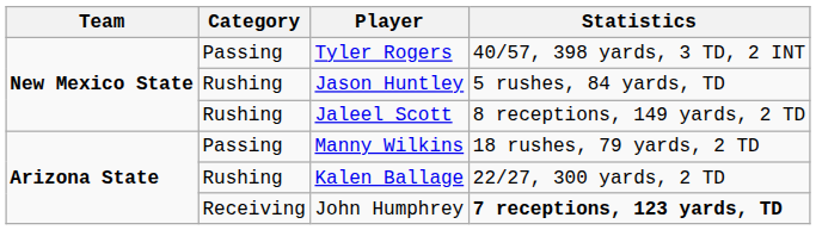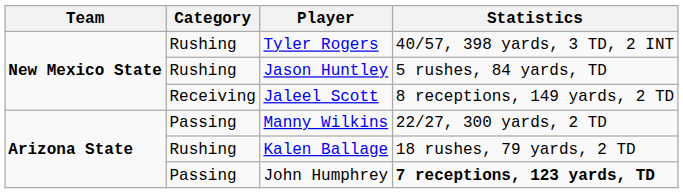 <table class="wikitable" style="float: right;">
 <tr>
 <th>Team</th>
 <th>Category</th>
 <th>Player</th>
 <th>Statistics</th>
 </tr>
 <tr>
 <td rowspan=3><strong>New Mexico State</strong></td>
-<td>Passing</td>
+<td>Rushing</td>
 <td><a href='#'>Tyler Rogers</a></td>
 <td>40/57, 398 yards, 3 TD, 2 INT</td>
 </tr>
 <tr>
 <td>Rushing</td>
 <td><a href='#'>Jason Huntley</a></td>
 <td>5 rushes, 84 yards, TD</td>
 </tr>
 <tr>
-<td>Rushing</td>
+<td>Receiving</td>
 <td><a href='#'>Jaleel Scott</a></td>
 <td>8 receptions, 149 yards, 2 TD</td>
 </tr>
 <tr>
 <td rowspan=3><strong>Arizona State</strong></td>
 <td>Passing</td>
 <td><a href='#'>Manny Wilkins</a></td>
-<td>18 rushes, 79 yards, 2 TD</td>
+<td>22/27, 300 yards, 2 TD</td>
 </tr>
 <tr>
 <td>Rushing</td>
 <td><a href='#'>Kalen Ballage</a></td>
-<td>22/27, 300 yards, 2 TD</td>
+<td>18 rushes, 79 yards, 2 TD</td>
 </tr>
 <tr>
-<td>Receiving</td>
+<td>Passing</td>
 <td>John Humphrey</td>
 <td><strong>7 receptions, 123 yards, TD</strong></td>
 </tr>
 </table>
